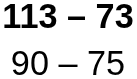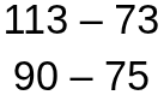 <table style="text-align:center;">
 <tr>
 <th width=200></th>
 <th width=100></th>
 <th width=200></th>
 <th></th>
 </tr>
 <tr>
 <td align=right><strong></strong></td>
-<td><strong>113 – 73</strong></td>
+<td>113 – 73</td>
 <td align=left></td>
 </tr>
 <tr>
 <td align=right><strong></strong></td>
 <td>90 – 75</td>
 <td align=left></td>
 </tr>
 </table>
